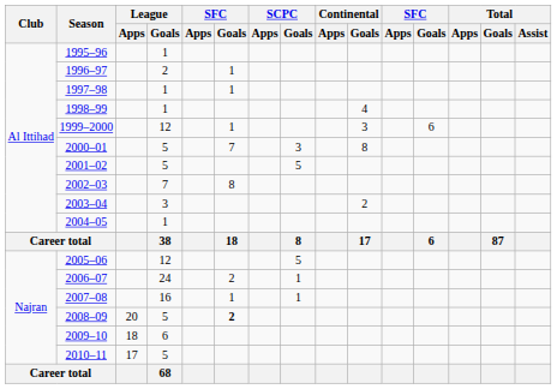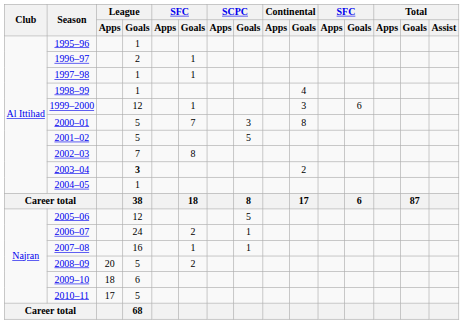 <table class="wikitable" style="text-align: center">
 <tr>
 <th rowspan="2">Club</th>
 <th rowspan="2">Season</th>
 <th colspan="2">League</th>
 <th colspan="2"><a href='#'>SFC</a></th>
 <th colspan="2"><a href='#'>SCPC</a></th>
 <th colspan="2">Continental</th>
 <th colspan="2"><a href='#'>SFC</a></th>
 <th colspan="3">Total</th>
 </tr>
 <tr>
 <th>Apps</th>
 <th>Goals</th>
 <th>Apps</th>
 <th>Goals</th>
 <th>Apps</th>
 <th>Goals</th>
 <th>Apps</th>
 <th>Goals</th>
 <th>Apps</th>
 <th>Goals</th>
 <th>Apps</th>
 <th>Goals</th>
 <th>Assist</th>
 </tr>
 <tr>
 <td rowspan="10"><a href='#'>Al Ittihad</a></td>
 <td><a href='#'>1995–96</a></td>
 <td></td>
 <td>1</td>
 <td></td>
 <td></td>
 <td></td>
 <td></td>
 <td></td>
 <td></td>
 <td></td>
 <td></td>
 <td></td>
 <td></td>
 <td></td>
 </tr>
 <tr>
 <td><a href='#'>1996–97</a></td>
 <td></td>
 <td>2</td>
 <td></td>
 <td>1</td>
 <td></td>
 <td></td>
 <td></td>
 <td></td>
 <td></td>
 <td></td>
 <td></td>
 <td></td>
 <td></td>
 </tr>
 <tr>
 <td><a href='#'>1997–98</a></td>
 <td></td>
 <td>1</td>
 <td></td>
 <td>1</td>
 <td></td>
 <td></td>
 <td></td>
 <td></td>
 <td></td>
 <td></td>
 <td></td>
 <td></td>
 <td></td>
 </tr>
 <tr>
 <td><a href='#'>1998–99</a></td>
 <td></td>
 <td>1</td>
 <td></td>
 <td></td>
 <td></td>
 <td></td>
 <td></td>
 <td>4 </td>
 <td></td>
 <td></td>
 <td></td>
 <td></td>
 <td></td>
 </tr>
 <tr>
 <td><a href='#'>1999–2000</a></td>
 <td></td>
 <td>12</td>
 <td></td>
 <td>1</td>
 <td></td>
 <td></td>
 <td></td>
 <td>3</td>
 <td></td>
 <td>6</td>
 <td></td>
 <td></td>
 <td></td>
 </tr>
 <tr>
 <td><a href='#'>2000–01</a></td>
 <td></td>
 <td>5</td>
 <td></td>
 <td>7</td>
 <td></td>
 <td>3</td>
 <td></td>
 <td>8 </td>
 <td></td>
 <td></td>
 <td></td>
 <td></td>
 <td></td>
 </tr>
 <tr>
 <td><a href='#'>2001–02</a></td>
 <td></td>
 <td>5</td>
 <td></td>
 <td></td>
 <td></td>
 <td>5</td>
 <td></td>
 <td></td>
 <td></td>
 <td></td>
 <td></td>
 <td></td>
 <td></td>
 </tr>
 <tr>
 <td><a href='#'>2002–03</a></td>
 <td></td>
 <td>7</td>
 <td></td>
 <td>8</td>
 <td></td>
 <td></td>
 <td></td>
 <td></td>
 <td></td>
 <td></td>
 <td></td>
 <td></td>
 <td></td>
 </tr>
 <tr>
 <td><a href='#'>2003–04</a></td>
 <td></td>
-<td>3</td>
+<td><strong>3</strong></td>
 <td></td>
 <td></td>
 <td></td>
 <td></td>
 <td></td>
 <td>2</td>
 <td></td>
 <td></td>
 <td></td>
 <td></td>
 <td></td>
 </tr>
 <tr>
 <td><a href='#'>2004–05</a></td>
 <td></td>
 <td>1</td>
 <td></td>
 <td></td>
 <td></td>
 <td></td>
 <td></td>
 <td></td>
 <td></td>
 <td></td>
 <td></td>
 <td></td>
 <td></td>
 </tr>
 <tr>
 <th colspan="2">Career total</th>
 <th></th>
 <th>38</th>
 <th></th>
 <th>18</th>
 <th></th>
 <th>8</th>
 <th></th>
 <th>17</th>
 <th></th>
 <th>6</th>
 <th></th>
 <th>87</th>
 <th></th>
 </tr>
 <tr>
 <td rowspan="6"><a href='#'>Najran</a></td>
 <td><a href='#'>2005–06</a></td>
 <td></td>
 <td>12</td>
 <td></td>
 <td></td>
 <td></td>
 <td>5</td>
 <td></td>
 <td></td>
 <td></td>
 <td></td>
 <td></td>
 <td></td>
 <td></td>
 </tr>
 <tr>
 <td><a href='#'>2006–07</a></td>
 <td></td>
 <td>24</td>
 <td></td>
 <td>2</td>
 <td></td>
 <td>1</td>
 <td></td>
 <td></td>
 <td></td>
 <td></td>
 <td></td>
 <td></td>
 <td></td>
 </tr>
 <tr>
 <td><a href='#'>2007–08</a></td>
 <td></td>
 <td>16</td>
 <td></td>
 <td>1</td>
 <td></td>
 <td>1</td>
 <td></td>
 <td></td>
 <td></td>
 <td></td>
 <td></td>
 <td></td>
 <td></td>
 </tr>
 <tr>
 <td><a href='#'>2008–09</a></td>
 <td>20</td>
 <td>5</td>
 <td></td>
-<td><strong>2</strong></td>
+<td>2</td>
 <td></td>
 <td></td>
 <td></td>
 <td></td>
 <td></td>
 <td></td>
 <td></td>
 <td></td>
 <td></td>
 </tr>
 <tr>
 <td><a href='#'>2009–10</a></td>
 <td>18</td>
 <td>6</td>
 <td></td>
 <td></td>
 <td></td>
 <td></td>
 <td></td>
 <td></td>
 <td></td>
 <td></td>
 <td></td>
 <td></td>
 <td></td>
 </tr>
 <tr>
 <td><a href='#'>2010–11</a></td>
 <td>17</td>
 <td>5</td>
 <td></td>
 <td></td>
 <td></td>
 <td></td>
 <td></td>
 <td></td>
 <td></td>
 <td></td>
 <td></td>
 <td></td>
 <td></td>
 </tr>
 <tr>
 <th colspan="2">Career total</th>
 <th></th>
 <th>68</th>
 <th></th>
 <th></th>
 <th></th>
 <th></th>
 <th></th>
 <th></th>
 <th></th>
 <th></th>
 <th></th>
 <th></th>
 <th></th>
 </tr>
 </table>
